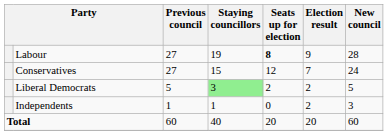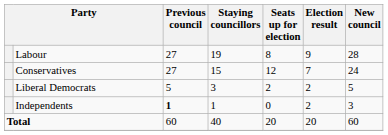 <table class="wikitable">
 <tr>
 <th valign=top colspan="2" style="width: 230px">Party</th>
 <th valign=top style="width: 30px">Previous council</th>
 <th valign=top style="width: 30px">Staying councillors</th>
 <th valign=top style="width: 30px">Seats up for election</th>
 <th valign=top style="width: 30px">Election result</th>
 <th valign=top style="width: 30px">New council</th>
 </tr>
 <tr>
 <th style="background-color: "></th>
 <td>Labour</td>
 <td>27</td>
 <td>19</td>
-<td><strong>8</strong></td>
+<td>8</td>
 <td>9</td>
 <td>28</td>
 </tr>
 <tr>
 <th style="background-color: "></th>
 <td>Conservatives</td>
 <td>27</td>
 <td>15</td>
 <td>12</td>
 <td>7</td>
 <td>24</td>
 </tr>
 <tr>
 <th style="background-color: "></th>
 <td>Liberal Democrats</td>
 <td>5</td>
-<td style="background: lightgreen;">3</td>
+<td>3</td>
 <td>2</td>
 <td>2</td>
 <td>5</td>
 </tr>
 <tr>
 <th style="background-color: "></th>
 <td>Independents</td>
-<td>1</td>
+<td><strong>1</strong></td>
 <td>1</td>
 <td>0</td>
 <td>2</td>
 <td>3</td>
 </tr>
 <tr>
 <td colspan="2"><strong>Total</strong></td>
 <td>60</td>
 <td>40</td>
 <td>20</td>
 <td>20</td>
 <td>60</td>
 </tr>
 <tr>
 </tr>
 </table>
